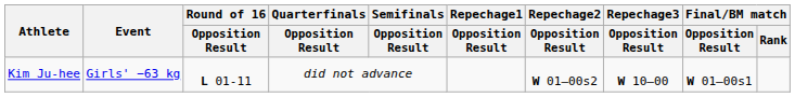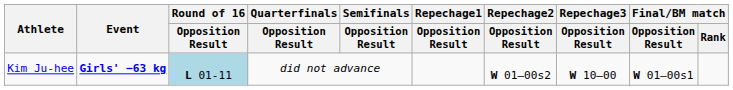 <table class="wikitable" style="font-size:90%">
 <tr>
 <th rowspan="2">Athlete</th>
 <th rowspan="2">Event</th>
 <th>Round of 16</th>
 <th>Quarterfinals</th>
 <th>Semifinals</th>
 <th>Repechage1</th>
 <th>Repechage2</th>
 <th>Repechage3</th>
 <th colspan=2>Final/BM match</th>
 </tr>
 <tr style="font-size:95%">
 <th>Opposition<br>Result</th>
 <th>Opposition<br>Result</th>
 <th>Opposition<br>Result</th>
 <th>Opposition<br>Result</th>
 <th>Opposition<br>Result</th>
 <th>Opposition<br>Result</th>
 <th>Opposition<br>Result</th>
 <th>Rank</th>
 </tr>
 <tr align=center>
 <td align=left><a href='#'>Kim Ju-hee</a></td>
-<td align=left><a href='#'>Girls' −63 kg</a></td>
-<td><br> <strong>L</strong> 01-11</td>
+<td align=left><strong><a href='#'>Girls' −63 kg</a></strong></td>
+<td style="background: lightblue;"><br> <strong>L</strong> 01-11</td>
 <td Colspan=2><em>did not advance</em></td>
 <td></td>
 <td><br> <strong>W</strong> 01–00s2</td>
 <td><br> <strong>W</strong> 10–00</td>
 <td><br> <strong>W</strong> 01–00s1</td>
 <td></td>
 </tr>
 </table>
